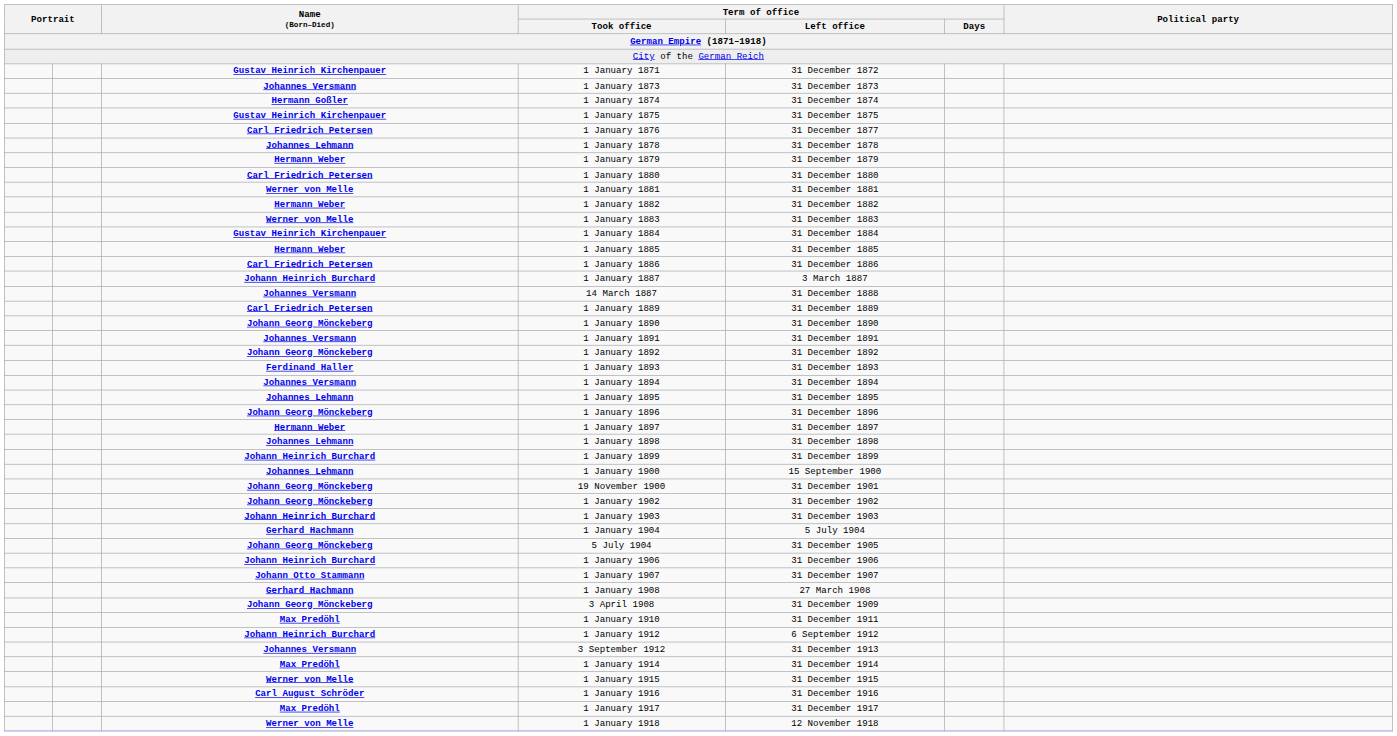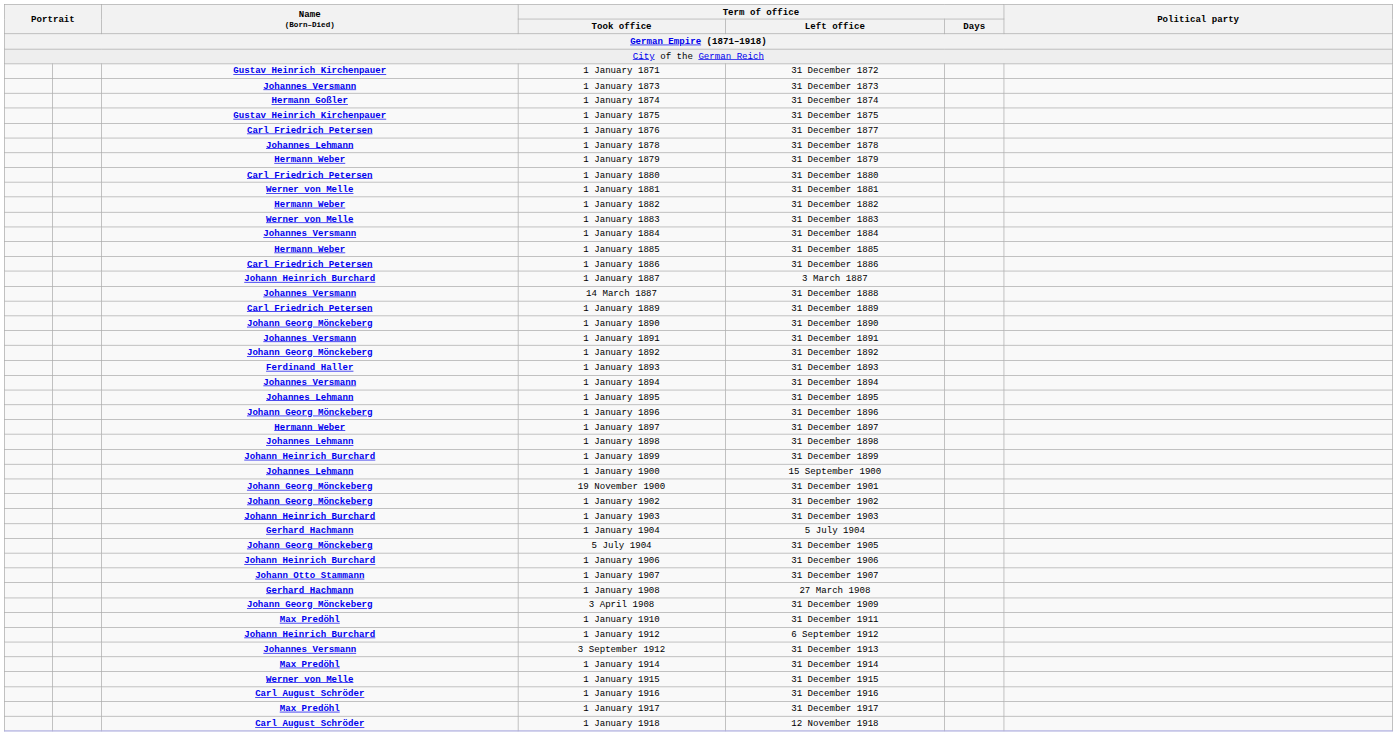 <table class="wikitable" style="text-align:center; width:100%; border:1px #AAAAFF solid">
 <tr>
 <th width=80px rowspan=2 colspan=2>Portrait</th>
 <th width=30% rowspan=2>Name<br><small>(Born–Died)</small></th>
 <th width=35% colspan=3>Term of office</th>
 <th width=28% rowspan=2>Political party</th>
 </tr>
 <tr>
 <th>Took office</th>
 <th>Left office</th>
 <th>Days</th>
 </tr>
 <tr>
 <th colspan="7"><a href='#'>German Empire</a> (1871–1918)</th>
 </tr>
 <tr>
 <td bgcolor=#EEEEEE colspan=8><a href='#'>City</a> of the <a href='#'>German Reich</a></td>
 </tr>
 <tr>
 <td style="background:"></td>
 <td></td>
 <td><strong><a href='#'>Gustav Heinrich Kirchenpauer</a></strong><br></td>
 <td>1 January 1871</td>
 <td>31 December 1872</td>
 <td></td>
 <td></td>
 </tr>
 <tr>
 <td style="background:"></td>
 <td></td>
 <td><strong><a href='#'>Johannes Versmann</a></strong><br></td>
 <td>1 January 1873</td>
 <td>31 December 1873</td>
 <td></td>
 <td></td>
 </tr>
 <tr>
 <td style="background:"></td>
 <td></td>
 <td><strong><a href='#'>Hermann Goßler</a></strong><br></td>
 <td>1 January 1874</td>
 <td>31 December 1874</td>
 <td></td>
 <td></td>
 </tr>
 <tr>
 <td style="background:"></td>
 <td></td>
 <td><strong><a href='#'>Gustav Heinrich Kirchenpauer</a></strong><br></td>
 <td>1 January 1875</td>
 <td>31 December 1875</td>
 <td></td>
 <td></td>
 </tr>
 <tr>
 <td style="background:"></td>
 <td></td>
 <td><strong><a href='#'>Carl Friedrich Petersen</a></strong><br></td>
 <td>1 January 1876</td>
 <td>31 December 1877</td>
 <td></td>
 <td></td>
 </tr>
 <tr>
 <td style="background:"></td>
 <td></td>
 <td><strong><a href='#'>Johannes Lehmann</a></strong><br></td>
 <td>1 January 1878</td>
 <td>31 December 1878</td>
 <td></td>
 <td></td>
 </tr>
 <tr>
 <td style="background:"></td>
 <td></td>
 <td><strong><a href='#'>Hermann Weber</a></strong><br></td>
 <td>1 January 1879</td>
 <td>31 December 1879</td>
 <td></td>
 <td></td>
 </tr>
 <tr>
 <td style="background:"></td>
 <td></td>
 <td><strong><a href='#'>Carl Friedrich Petersen</a></strong><br></td>
 <td>1 January 1880</td>
 <td>31 December 1880</td>
 <td></td>
 <td></td>
 </tr>
 <tr>
 <td style="background:"></td>
 <td></td>
 <td><strong><a href='#'>Werner von Melle</a></strong><br></td>
 <td>1 January 1881</td>
 <td>31 December 1881</td>
 <td></td>
 <td></td>
 </tr>
 <tr>
 <td style="background:"></td>
 <td></td>
 <td><strong><a href='#'>Hermann Weber</a></strong><br></td>
 <td>1 January 1882</td>
 <td>31 December 1882</td>
 <td></td>
 <td></td>
 </tr>
 <tr>
 <td style="background:"></td>
 <td></td>
 <td><strong><a href='#'>Werner von Melle</a></strong><br></td>
 <td>1 January 1883</td>
 <td>31 December 1883</td>
 <td></td>
 <td></td>
 </tr>
 <tr>
 <td style="background:"></td>
 <td></td>
-<td><strong><a href='#'>Gustav Heinrich Kirchenpauer</a></strong><br></td>
+<td><strong><a href='#'>Johannes Versmann</a></strong><br></td>
 <td>1 January 1884</td>
 <td>31 December 1884</td>
 <td></td>
 <td></td>
 </tr>
 <tr>
 <td style="background:"></td>
 <td></td>
 <td><strong><a href='#'>Hermann Weber</a></strong><br></td>
 <td>1 January 1885</td>
 <td>31 December 1885</td>
 <td></td>
 <td></td>
 </tr>
 <tr>
 <td style="background:"></td>
 <td></td>
 <td><strong><a href='#'>Carl Friedrich Petersen</a></strong><br></td>
 <td>1 January 1886</td>
 <td>31 December 1886</td>
 <td></td>
 <td></td>
 </tr>
 <tr>
 <td style="background:"></td>
 <td></td>
 <td><strong><a href='#'>Johann Heinrich Burchard</a></strong><br></td>
 <td>1 January 1887</td>
 <td>3 March 1887</td>
 <td></td>
 <td></td>
 </tr>
 <tr>
 <td style="background:"></td>
 <td></td>
 <td><strong><a href='#'>Johannes Versmann</a></strong><br></td>
 <td>14 March 1887</td>
 <td>31 December 1888</td>
 <td></td>
 <td></td>
 </tr>
 <tr>
 <td style="background:"></td>
 <td></td>
 <td><strong><a href='#'>Carl Friedrich Petersen</a></strong><br></td>
 <td>1 January 1889</td>
 <td>31 December 1889</td>
 <td></td>
 <td></td>
 </tr>
 <tr>
 <td style="background:"></td>
 <td></td>
 <td><strong><a href='#'>Johann Georg Mönckeberg</a></strong><br></td>
 <td>1 January 1890</td>
 <td>31 December 1890</td>
 <td></td>
 <td></td>
 </tr>
 <tr>
 <td style="background:"></td>
 <td></td>
 <td><strong><a href='#'>Johannes Versmann</a></strong><br></td>
 <td>1 January 1891</td>
 <td>31 December 1891</td>
 <td></td>
 <td></td>
 </tr>
 <tr>
 <td style="background:"></td>
 <td></td>
 <td><strong><a href='#'>Johann Georg Mönckeberg</a></strong><br></td>
 <td>1 January 1892</td>
 <td>31 December 1892</td>
 <td></td>
 <td></td>
 </tr>
 <tr>
 <td style="background:"></td>
 <td></td>
 <td><strong><a href='#'>Ferdinand Haller</a></strong><br></td>
 <td>1 January 1893</td>
 <td>31 December 1893</td>
 <td></td>
 <td></td>
 </tr>
 <tr>
 <td style="background:"></td>
 <td></td>
 <td><strong><a href='#'>Johannes Versmann</a></strong><br></td>
 <td>1 January 1894</td>
 <td>31 December 1894</td>
 <td></td>
 <td></td>
 </tr>
 <tr>
 <td style="background:"></td>
 <td></td>
 <td><strong><a href='#'>Johannes Lehmann</a></strong><br></td>
 <td>1 January 1895</td>
 <td>31 December 1895</td>
 <td></td>
 <td></td>
 </tr>
 <tr>
 <td style="background:"></td>
 <td></td>
 <td><strong><a href='#'>Johann Georg Mönckeberg</a></strong><br></td>
 <td>1 January 1896</td>
 <td>31 December 1896</td>
 <td></td>
 <td></td>
 </tr>
 <tr>
 <td style="background:"></td>
 <td></td>
 <td><strong><a href='#'>Hermann Weber</a></strong><br></td>
 <td>1 January 1897</td>
 <td>31 December 1897</td>
 <td></td>
 <td></td>
 </tr>
 <tr>
 <td style="background:"></td>
 <td></td>
 <td><strong><a href='#'>Johannes Lehmann</a></strong><br></td>
 <td>1 January 1898</td>
 <td>31 December 1898</td>
 <td></td>
 <td></td>
 </tr>
 <tr>
 <td style="background:"></td>
 <td></td>
 <td><strong><a href='#'>Johann Heinrich Burchard</a></strong><br></td>
 <td>1 January 1899</td>
 <td>31 December 1899</td>
 <td></td>
 <td></td>
 </tr>
 <tr>
 <td style="background:"></td>
 <td></td>
 <td><strong><a href='#'>Johannes Lehmann</a></strong><br></td>
 <td>1 January 1900</td>
 <td>15 September 1900</td>
 <td></td>
 <td></td>
 </tr>
 <tr>
 <td style="background:"></td>
 <td></td>
 <td><strong><a href='#'>Johann Georg Mönckeberg</a></strong><br></td>
 <td>19 November 1900</td>
 <td>31 December 1901</td>
 <td></td>
 <td></td>
 </tr>
 <tr>
 <td style="background:"></td>
 <td></td>
 <td><strong><a href='#'>Johann Georg Mönckeberg</a></strong><br></td>
 <td>1 January 1902</td>
 <td>31 December 1902</td>
 <td></td>
 <td></td>
 </tr>
 <tr>
 <td style="background:"></td>
 <td></td>
 <td><strong><a href='#'>Johann Heinrich Burchard</a></strong><br></td>
 <td>1 January 1903</td>
 <td>31 December 1903</td>
 <td></td>
 <td></td>
 </tr>
 <tr>
 <td style="background:"></td>
 <td></td>
 <td><strong><a href='#'>Gerhard Hachmann</a></strong><br></td>
 <td>1 January 1904</td>
 <td>5 July 1904</td>
 <td></td>
 <td></td>
 </tr>
 <tr>
 <td style="background:"></td>
 <td></td>
 <td><strong><a href='#'>Johann Georg Mönckeberg</a></strong><br></td>
 <td>5 July 1904</td>
 <td>31 December 1905</td>
 <td></td>
 <td></td>
 </tr>
 <tr>
 <td style="background:"></td>
 <td></td>
 <td><strong><a href='#'>Johann Heinrich Burchard</a></strong><br></td>
 <td>1 January 1906</td>
 <td>31 December 1906</td>
 <td></td>
 <td></td>
 </tr>
 <tr>
 <td style="background:"></td>
 <td></td>
 <td><strong><a href='#'>Johann Otto Stammann</a></strong><br></td>
 <td>1 January 1907</td>
 <td>31 December 1907</td>
 <td></td>
 <td></td>
 </tr>
 <tr>
 <td style="background:"></td>
 <td></td>
 <td><strong><a href='#'>Gerhard Hachmann</a></strong><br></td>
 <td>1 January 1908</td>
 <td>27 March 1908</td>
 <td></td>
 <td></td>
 </tr>
 <tr>
 <td style="background:"></td>
 <td></td>
 <td><strong><a href='#'>Johann Georg Mönckeberg</a></strong><br></td>
 <td>3 April 1908</td>
 <td>31 December 1909</td>
 <td></td>
 <td></td>
 </tr>
 <tr>
 <td style="background:"></td>
 <td></td>
 <td><strong><a href='#'>Max Predöhl</a></strong><br></td>
 <td>1 January 1910</td>
 <td>31 December 1911</td>
 <td></td>
 <td></td>
 </tr>
 <tr>
 <td style="background:"></td>
 <td></td>
 <td><strong><a href='#'>Johann Heinrich Burchard</a></strong><br></td>
 <td>1 January 1912</td>
 <td>6 September 1912</td>
 <td></td>
 <td></td>
 </tr>
 <tr>
 <td style="background:"></td>
 <td></td>
 <td><strong><a href='#'>Johannes Versmann</a></strong><br></td>
 <td>3 September 1912</td>
 <td>31 December 1913</td>
 <td></td>
 <td></td>
 </tr>
 <tr>
 <td style="background:"></td>
 <td></td>
 <td><strong><a href='#'>Max Predöhl</a></strong><br></td>
 <td>1 January 1914</td>
 <td>31 December 1914</td>
 <td></td>
 <td></td>
 </tr>
 <tr>
 <td style="background:"></td>
 <td></td>
 <td><strong><a href='#'>Werner von Melle</a></strong><br></td>
 <td>1 January 1915</td>
 <td>31 December 1915</td>
 <td></td>
 <td></td>
 </tr>
 <tr>
 <td style="background:"></td>
 <td></td>
 <td><strong><a href='#'>Carl August Schröder</a></strong><br></td>
 <td>1 January 1916</td>
 <td>31 December 1916</td>
 <td></td>
 <td></td>
 </tr>
 <tr>
 <td style="background:"></td>
 <td></td>
 <td><strong><a href='#'>Max Predöhl</a></strong><br></td>
 <td>1 January 1917</td>
 <td>31 December 1917</td>
 <td></td>
 <td></td>
 </tr>
 <tr>
 <td style="background:"></td>
 <td></td>
-<td><strong><a href='#'>Werner von Melle</a></strong><br></td>
+<td><strong><a href='#'>Carl August Schröder</a></strong><br></td>
 <td>1 January 1918</td>
 <td>12 November 1918</td>
 <td></td>
 <td></td>
 </tr>
 <tr>
 </tr>
 </table>
